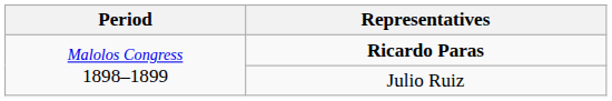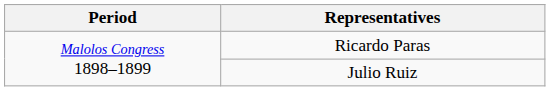 <table class="wikitable" style="text-align:center; width:40%;">
 <tr>
 <th width="40%">Period</th>
 <th>Representatives</th>
 </tr>
 <tr>
 <td rowspan="4"><small><em><a href='#'>Malolos Congress</a></em></small><br>1898–1899</td>
-<td><strong>Ricardo Paras</strong></td>
+<td>Ricardo Paras</td>
 </tr>
 <tr>
 <td>Julio Ruiz</td>
 </tr>
 </table>
